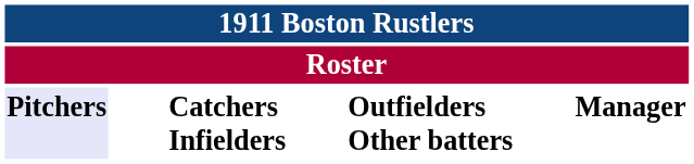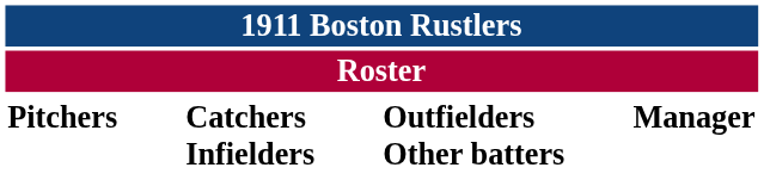 <table class="toccolours" style="font-size: 95%;">
 <tr>
 <th colspan="10" style="background-color: #0f437c; color: #FFFFFF; text-align: center;">1911 Boston Rustlers</th>
 </tr>
 <tr>
 <td colspan="10" style="background-color:#af0039; color: white; text-align: center;"><strong>Roster</strong></td>
 </tr>
 <tr>
-<td valign="top" style="background: lavender;"><strong>Pitchers</strong><br>                </td>
+<td valign="top"><strong>Pitchers</strong><br>                </td>
 <td width="25px"></td>
 <td valign="top"><strong>Catchers</strong><br>   <strong>Infielders</strong>            </td>
 <td width="25px"></td>
 <td valign="top"><strong>Outfielders</strong><br>          <strong>Other batters</strong> </td>
 <td width="25px"></td>
 <td valign="top"><strong>Manager</strong><br></td>
 </tr>
 </table>
